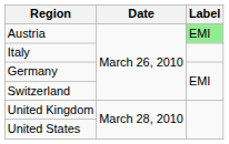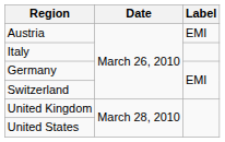 <table class="wikitable">
 <tr>
 <th>Region</th>
 <th>Date</th>
 <th>Label</th>
 </tr>
 <tr>
 <td>Austria</td>
 <td rowspan="4">March 26, 2010</td>
-<td style="background: lightgreen;">EMI</td>
+<td>EMI</td>
 </tr>
 <tr>
 <td>Italy</td>
 <td></td>
 </tr>
 <tr>
 <td>Germany</td>
 <td rowspan="2">EMI</td>
 </tr>
 <tr>
 <td>Switzerland</td>
 </tr>
 <tr>
 <td>United Kingdom</td>
 <td rowspan="2">March 28, 2010</td>
 <td rowspan="2"></td>
 </tr>
 <tr>
 <td>United States</td>
 </tr>
 </table>
